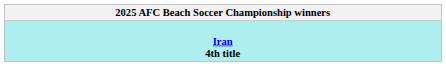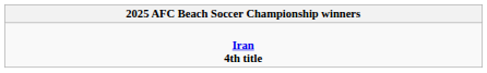 <table class="wikitable" style="width:75%; text-align: center; margin: 0 auto;">
 <tr>
 <th>2025 AFC Beach Soccer Championship winners</th>
 </tr>
 <tr>
-<td style="background: paleturquoise;"><br><strong><a href='#'>Iran</a></strong><br><strong>4th title</strong></td>
+<td><br><strong><a href='#'>Iran</a></strong><br><strong>4th title</strong></td>
 </tr>
 </table>
